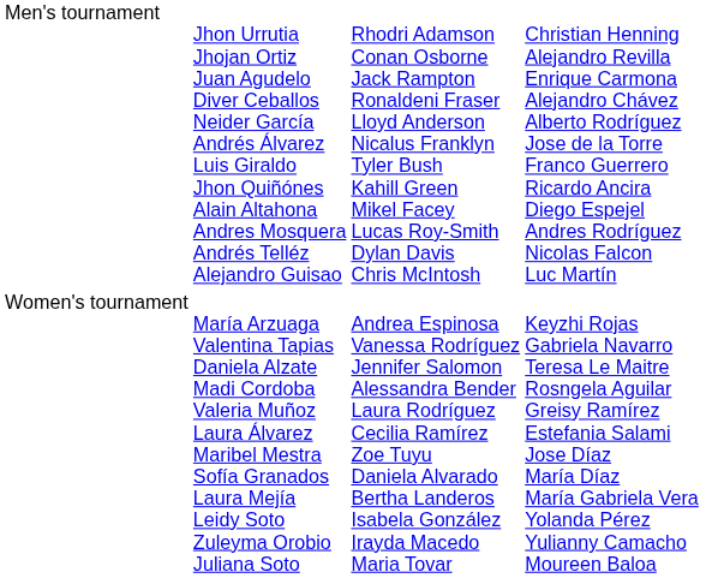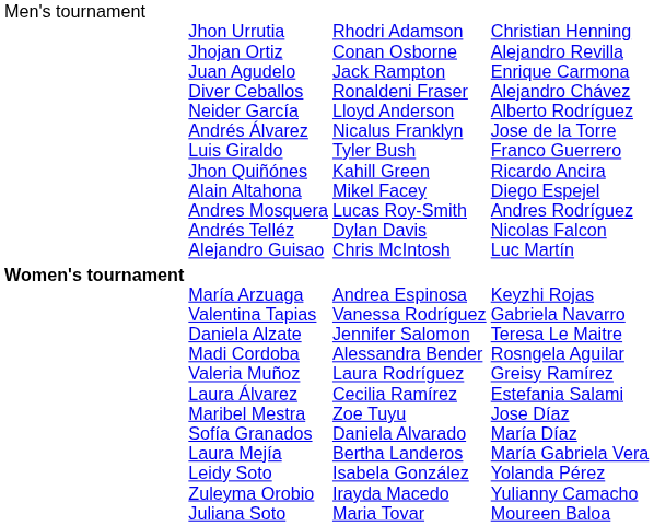 <table>
 <tr style="vertical-align:top;">
 <td>Men's tournament</td>
 <td><br><a href='#'>Jhon Urrutia</a><br><a href='#'>Jhojan Ortiz</a><br><a href='#'>Juan Agudelo</a><br><a href='#'>Diver Ceballos</a><br><a href='#'>Neider García</a><br><a href='#'>Andrés Álvarez</a><br><a href='#'>Luis Giraldo</a><br><a href='#'>Jhon Quiñónes</a><br><a href='#'>Alain Altahona</a><br><a href='#'>Andres Mosquera</a><br><a href='#'>Andrés Telléz</a><br><a href='#'>Alejandro Guisao</a></td>
 <td><br><a href='#'>Rhodri Adamson</a><br><a href='#'>Conan Osborne</a><br><a href='#'>Jack Rampton</a><br><a href='#'>Ronaldeni Fraser</a><br><a href='#'>Lloyd Anderson</a><br><a href='#'>Nicalus Franklyn</a><br><a href='#'>Tyler Bush</a><br><a href='#'>Kahill Green</a><br><a href='#'>Mikel Facey</a><br><a href='#'>Lucas Roy-Smith</a><br><a href='#'>Dylan Davis</a><br><a href='#'>Chris McIntosh</a></td>
 <td><br><a href='#'>Christian Henning</a><br><a href='#'>Alejandro Revilla</a><br><a href='#'>Enrique Carmona</a><br><a href='#'>Alejandro Chávez</a><br><a href='#'>Alberto Rodríguez</a><br><a href='#'>Jose de la Torre</a><br><a href='#'>Franco Guerrero</a><br><a href='#'>Ricardo Ancira</a><br><a href='#'>Diego Espejel</a><br><a href='#'>Andres Rodríguez</a><br><a href='#'>Nicolas Falcon</a><br><a href='#'>Luc Martín</a></td>
 </tr>
 <tr style="vertical-align:top;">
-<td>Women's tournament</td>
+<td><strong>Women's tournament</strong></td>
 <td><br><a href='#'>María Arzuaga</a><br><a href='#'>Valentina Tapias</a><br><a href='#'>Daniela Alzate</a><br><a href='#'>Madi Cordoba</a><br><a href='#'>Valeria Muñoz</a><br><a href='#'>Laura Álvarez</a><br><a href='#'>Maribel Mestra</a><br><a href='#'>Sofía Granados</a><br><a href='#'>Laura Mejía</a><br><a href='#'>Leidy Soto</a><br><a href='#'>Zuleyma Orobio</a><br><a href='#'>Juliana Soto</a></td>
 <td><br><a href='#'>Andrea Espinosa</a><br><a href='#'>Vanessa Rodríguez</a><br><a href='#'>Jennifer Salomon</a><br><a href='#'>Alessandra Bender</a><br><a href='#'>Laura Rodríguez</a><br><a href='#'>Cecilia Ramírez</a><br><a href='#'>Zoe Tuyu</a><br><a href='#'>Daniela Alvarado</a><br><a href='#'>Bertha Landeros</a><br><a href='#'>Isabela González</a><br><a href='#'>Irayda Macedo</a><br><a href='#'>Maria Tovar</a></td>
 <td><br><a href='#'>Keyzhi Rojas</a><br><a href='#'>Gabriela Navarro</a><br><a href='#'>Teresa Le Maitre</a><br><a href='#'>Rosngela Aguilar</a><br><a href='#'>Greisy Ramírez</a><br><a href='#'>Estefania Salami</a><br><a href='#'>Jose Díaz</a><br><a href='#'>María Díaz</a><br><a href='#'>María Gabriela Vera</a><br><a href='#'>Yolanda Pérez</a><br><a href='#'>Yulianny Camacho</a><br><a href='#'>Moureen Baloa</a></td>
 </tr>
 </table>
